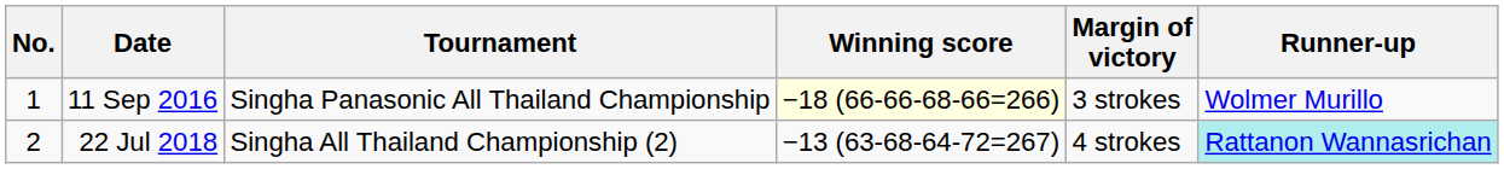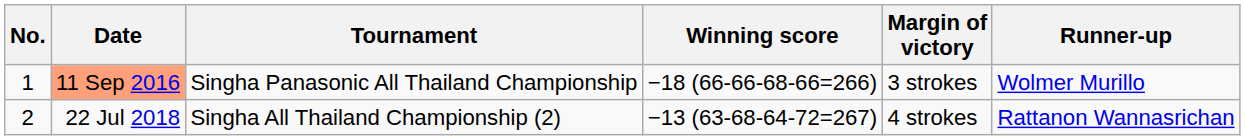 <table class="wikitable" style="font-size:95%;">
 <tr>
 <th>No.</th>
 <th>Date</th>
 <th>Tournament</th>
 <th>Winning score</th>
 <th>Margin of<br>victory</th>
 <th>Runner-up</th>
 </tr>
 <tr>
 <td align=center>1</td>
-<td align=right>11 Sep <a href='#'>2016</a></td>
+<td align=right style="background: lightsalmon;">11 Sep <a href='#'>2016</a></td>
 <td>Singha Panasonic All Thailand Championship</td>
-<td style="background: lightyellow;">−18 (66-66-68-66=266)</td>
+<td>−18 (66-66-68-66=266)</td>
 <td>3 strokes</td>
 <td> <a href='#'>Wolmer Murillo</a></td>
 </tr>
 <tr>
 <td align=center>2</td>
 <td align=right>22 Jul <a href='#'>2018</a></td>
 <td>Singha All Thailand Championship (2)</td>
 <td>−13 (63-68-64-72=267)</td>
 <td>4 strokes</td>
-<td style="background: paleturquoise;"> <a href='#'>Rattanon Wannasrichan</a></td>
+<td> <a href='#'>Rattanon Wannasrichan</a></td>
 </tr>
 </table>
